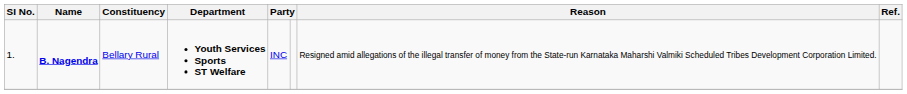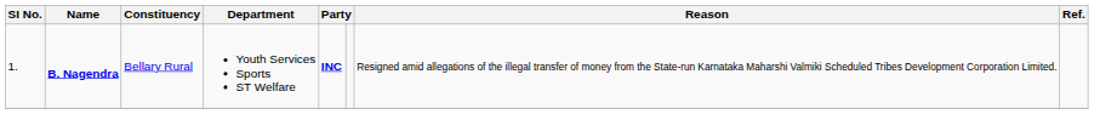 <table class="wikitable">
 <tr>
 <th>SI No.</th>
 <th>Name</th>
 <th>Constituency</th>
 <th>Department</th>
 <th colspan="2" scope="col">Party</th>
 <th>Reason</th>
 <th>Ref.</th>
 </tr>
 <tr>
 <td>1.</td>
 <td><br><strong><a href='#'>B. Nagendra</a></strong></td>
 <td><a href='#'>Bellary Rural</a></td>
-<td><strong><br><ul><li>Youth Services</li><li>Sports</li><li>ST Welfare</li></ul></strong></td>
-<td><a href='#'>INC</a></td>
+<td><br><ul><li>Youth Services</li><li>Sports</li><li>ST Welfare</li></ul></td>
+<td><strong><a href='#'>INC</a></strong></td>
 <td width="4px" style="background-color: "></td>
 <td><small>Resigned amid allegations of the illegal transfer of money from the State-run Karnataka Maharshi Valmiki Scheduled Tribes Development Corporation Limited.</small></td>
 <td><br><br><br><br></td>
 </tr>
 <tr>
 </tr>
 </table>
